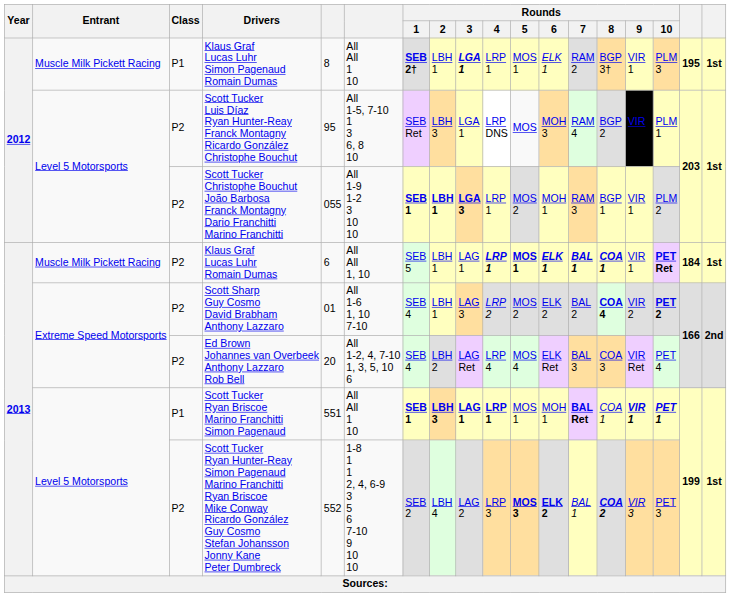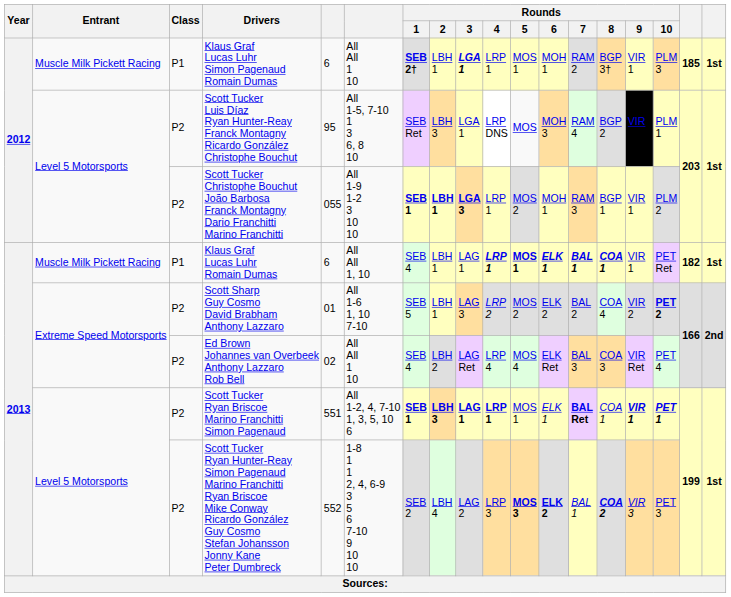 <table class="wikitable">
 <tr>
 <th rowspan="2">Year</th>
 <th rowspan="2">Entrant</th>
 <th rowspan="2">Class</th>
 <th rowspan="2">Drivers</th>
 <th rowspan="2"></th>
 <th rowspan="2"></th>
 <th colspan="10">Rounds</th>
 <th rowspan="2"></th>
 <th rowspan="2"></th>
 </tr>
 <tr>
 <th>1</th>
 <th>2</th>
 <th>3</th>
 <th>4</th>
 <th>5</th>
 <th>6</th>
 <th>7</th>
 <th>8</th>
 <th>9</th>
 <th>10</th>
 </tr>
 <tr>
 <th rowspan="3"><a href='#'>2012</a></th>
 <td> <a href='#'>Muscle Milk Pickett Racing</a></td>
 <td>P1</td>
 <td> <a href='#'>Klaus Graf</a><br> <a href='#'>Lucas Luhr</a><br> <a href='#'>Simon Pagenaud</a><br> <a href='#'>Romain Dumas</a></td>
-<td>8</td>
+<td>6</td>
 <td>All<br>All<br>1<br>10</td>
 <td style="background:#DFDFDF;”"><strong><a href='#'>SEB</a><br>2†</strong></td>
 <td style="background:#FFFFBF;”"><a href='#'>LBH</a><br>1</td>
 <td style="background:#FFFFBF;”"><strong><em><a href='#'>LGA</a><br>1</em></strong></td>
 <td style="background:#FFFFBF;”"><a href='#'>LRP</a><br>1</td>
 <td style="background:#FFFFBF;”"><a href='#'>MOS</a><br>1</td>
-<td style="background:#FFFFBF;”"><em><a href='#'>ELK</a><br>1</em></td>
+<td style="background:#FFFFBF;”"><a href='#'>MOH</a><br>1</td>
 <td style="background:#DFDFDF;”"><a href='#'>RAM</a><br>2</td>
 <td style="background:#FFDF9F;”"><a href='#'>BGP</a><br>3†</td>
 <td style="background:#FFFFBF;”"><a href='#'>VIR</a><br>1</td>
 <td style="background:#FFDF9F;”"><a href='#'>PLM</a><br>3</td>
-<th style="background:#FFFFBF;”">195</th>
+<th style="background:#FFFFBF;”">185</th>
 <th style="background:#FFFFBF;”">1st</th>
 </tr>
 <tr>
 <td rowspan="2"> <a href='#'>Level 5 Motorsports</a></td>
 <td>P2</td>
 <td> <a href='#'>Scott Tucker</a><br> <a href='#'>Luis Díaz</a><br> <a href='#'>Ryan Hunter-Reay</a><br> <a href='#'>Franck Montagny</a><br> <a href='#'>Ricardo González</a><br> <a href='#'>Christophe Bouchut</a></td>
 <td>95</td>
 <td>All<br>1-5, 7-10<br>1<br>3<br>6, 8<br>10</td>
 <td style="background:#EFCFFF;"><a href='#'>SEB</a><br>Ret</td>
 <td style="background:#FFDF9F;”"><a href='#'>LBH</a><br>3</td>
 <td style="background:#FFFFBF;”"><a href='#'>LGA</a><br>1</td>
 <td style="background:#ffffff;”"><a href='#'>LRP</a><br>DNS</td>
 <td><a href='#'>MOS</a><br></td>
 <td style="background:#FFDF9F;”"><a href='#'>MOH</a><br>3</td>
 <td style="background:#DFFFDF;"><a href='#'>RAM</a><br>4</td>
 <td style="background:#DFDFDF;”"><a href='#'>BGP</a><br>2</td>
 <td style="background:#000000;color:white”"><a href='#'>VIR</a><br>DSQ</td>
 <td style="background:#FFFFBF;”"><a href='#'>PLM</a><br>1</td>
 <th rowspan="2" style="background:#FFFFBF;”">203</th>
 <th rowspan="2" style="background:#FFFFBF;”">1st</th>
 </tr>
 <tr>
 <td>P2</td>
 <td> <a href='#'>Scott Tucker</a><br> <a href='#'>Christophe Bouchut</a><br> <a href='#'>João Barbosa</a><br> <a href='#'>Franck Montagny</a><br> <a href='#'>Dario Franchitti</a><br> <a href='#'>Marino Franchitti</a></td>
 <td>055</td>
 <td>All<br>1-9<br>1-2<br>3<br>10<br>10</td>
 <td style="background:#FFFFBF;”"><strong><a href='#'>SEB</a><br>1</strong></td>
 <td style="background:#FFFFBF;”"><strong><a href='#'>LBH</a><br>1</strong></td>
 <td style="background:#FFDF9F;”"><strong><a href='#'>LGA</a><br>3</strong></td>
 <td style="background:#FFFFBF;”"><a href='#'>LRP</a><br>1</td>
 <td style="background:#DFDFDF;”"><a href='#'>MOS</a><br>2</td>
 <td style="background:#FFFFBF;”"><a href='#'>MOH</a><br>1</td>
 <td style="background:#FFDF9F;”"><a href='#'>RAM</a><br>3</td>
 <td style="background:#FFFFBF;”"><a href='#'>BGP</a><br>1</td>
 <td style="background:#FFFFBF;”"><a href='#'>VIR</a><br>1</td>
 <td style="background:#DFDFDF;”"><a href='#'>PLM</a><br>2</td>
 </tr>
 <tr>
 <th rowspan="5"><a href='#'>2013</a></th>
 <td> <a href='#'>Muscle Milk Pickett Racing</a></td>
-<td>P2</td>
+<td>P1</td>
 <td> <a href='#'>Klaus Graf</a><br> <a href='#'>Lucas Luhr</a><br> <a href='#'>Romain Dumas</a></td>
 <td>6</td>
 <td>All<br>All<br>1, 10</td>
-<td style="background:#DFFFDF;"><a href='#'>SEB</a><br>5</td>
+<td style="background:#DFFFDF;"><a href='#'>SEB</a><br>4</td>
 <td style="background:#FFFFBF;”"><a href='#'>LBH</a><br>1</td>
 <td style="background:#FFFFBF;”"><a href='#'>LAG</a><br>1</td>
 <td style="background:#FFFFBF;”"><strong><em><a href='#'>LRP</a><br>1</em></strong></td>
 <td style="background:#FFFFBF;”"><strong><a href='#'>MOS</a><br>1</strong></td>
 <td style="background:#FFFFBF;”"><strong><em><a href='#'>ELK</a><br>1</em></strong></td>
 <td style="background:#FFFFBF;”"><strong><em><a href='#'>BAL</a><br>1</em></strong></td>
 <td style="background:#FFFFBF;”"><strong><em><a href='#'>COA</a><br>1</em></strong></td>
 <td style="background:#FFFFBF;”"><a href='#'>VIR</a><br>1</td>
-<td style="background:#EFCFFF;"><strong><a href='#'>PET</a><br>Ret</strong></td>
-<th style="background:#FFFFBF;”">184</th>
+<td style="background:#EFCFFF;"><a href='#'>PET</a><br>Ret</td>
+<th style="background:#FFFFBF;”">182</th>
 <th style="background:#FFFFBF;”">1st</th>
 </tr>
 <tr>
 <td rowspan="2"> <a href='#'>Extreme Speed Motorsports</a></td>
 <td>P2</td>
 <td> <a href='#'>Scott Sharp</a><br> <a href='#'>Guy Cosmo</a><br> <a href='#'>David Brabham</a><br> <a href='#'>Anthony Lazzaro</a></td>
 <td>01</td>
 <td>All<br>1-6<br>1, 10<br>7-10</td>
-<td style="background:#DFFFDF;"><a href='#'>SEB</a><br>4</td>
+<td style="background:#DFFFDF;"><a href='#'>SEB</a><br>5</td>
 <td style="background:#FFFFBF;”"><a href='#'>LBH</a><br>1</td>
 <td style="background:#FFDF9F;”"><a href='#'>LAG</a><br>3</td>
 <td style="background:#DFDFDF;”"><em><a href='#'>LRP</a><br>2</em></td>
 <td style="background:#DFDFDF;”"><a href='#'>MOS</a><br>2</td>
 <td style="background:#DFDFDF;”"><a href='#'>ELK</a><br>2</td>
 <td style="background:#DFDFDF;”"><a href='#'>BAL</a><br>2</td>
-<td style="background:#DFFFDF;"><strong><a href='#'>COA</a><br>4</strong></td>
+<td style="background:#DFFFDF;"><a href='#'>COA</a><br>4</td>
 <td style="background:#DFDFDF;”"><a href='#'>VIR</a><br>2</td>
 <td style="background:#DFDFDF;”"><strong><a href='#'>PET</a><br>2</strong></td>
 <th rowspan="2" style="background:#DFDFDF;”">166</th>
 <th rowspan="2" style="background:#DFDFDF;”">2nd</th>
 </tr>
 <tr>
 <td>P2</td>
 <td> <a href='#'>Ed Brown</a><br> <a href='#'>Johannes van Overbeek</a><br> <a href='#'>Anthony Lazzaro</a><br> <a href='#'>Rob Bell</a></td>
-<td>20</td>
-<td>All<br>1-2, 4, 7-10<br>1, 3, 5, 10<br>6</td>
+<td>02</td>
+<td>All<br>All<br>1<br>10</td>
 <td style="background:#DFFFDF;"><a href='#'>SEB</a><br>4</td>
 <td style="background:#DFDFDF;”"><a href='#'>LBH</a><br>2</td>
 <td style="background:#EFCFFF;"><a href='#'>LAG</a><br>Ret</td>
 <td style="background:#DFFFDF;"><a href='#'>LRP</a><br>4</td>
 <td style="background:#DFFFDF;"><a href='#'>MOS</a><br>4</td>
 <td style="background:#EFCFFF;"><a href='#'>ELK</a><br>Ret</td>
 <td style="background:#FFDF9F;”"><a href='#'>BAL</a><br>3</td>
 <td style="background:#FFDF9F;”"><a href='#'>COA</a><br>3</td>
 <td style="background:#EFCFFF;"><a href='#'>VIR</a><br>Ret</td>
 <td style="background:#DFFFDF;"><a href='#'>PET</a><br>4</td>
 </tr>
 <tr>
 <td rowspan="2"> <a href='#'>Level 5 Motorsports</a></td>
-<td>P1</td>
+<td>P2</td>
 <td> <a href='#'>Scott Tucker</a><br> <a href='#'>Ryan Briscoe</a><br> <a href='#'>Marino Franchitti</a><br> <a href='#'>Simon Pagenaud</a></td>
 <td>551</td>
-<td>All<br>All<br>1<br>10</td>
+<td>All<br>1-2, 4, 7-10<br>1, 3, 5, 10<br>6</td>
 <td style="background:#FFFFBF;”"><strong><a href='#'>SEB</a><br>1</strong></td>
 <td style="background:#FFDF9F;”"><strong><a href='#'>LBH</a><br>3</strong></td>
 <td style="background:#FFFFBF;”"><strong><a href='#'>LAG</a><br>1</strong></td>
 <td style="background:#FFFFBF;”"><strong><a href='#'>LRP</a><br>1</strong></td>
 <td style="background:#FFFFBF;”"><a href='#'>MOS</a><br>1</td>
-<td style="background:#FFFFBF;”"><a href='#'>MOH</a><br>1</td>
+<td style="background:#FFFFBF;”"><em><a href='#'>ELK</a><br>1</em></td>
 <td style="background:#EFCFFF;"><strong><a href='#'>BAL</a><br>Ret</strong></td>
 <td style="background:#FFFFBF;”"><em><a href='#'>COA</a><br>1</em></td>
 <td style="background:#FFFFBF;”"><strong><em><a href='#'>VIR</a><br>1</em></strong></td>
 <td style="background:#FFFFBF;”"><strong><em><a href='#'>PET</a><br>1</em></strong></td>
 <th rowspan="2" style="background:#FFFFBF;”">199</th>
 <th rowspan="2" style="background:#FFFFBF;”">1st</th>
 </tr>
 <tr>
 <td>P2</td>
 <td> <a href='#'>Scott Tucker</a><br> <a href='#'>Ryan Hunter-Reay</a><br> <a href='#'>Simon Pagenaud</a><br> <a href='#'>Marino Franchitti</a><br> <a href='#'>Ryan Briscoe</a><br> <a href='#'>Mike Conway</a><br> <a href='#'>Ricardo González</a><br> <a href='#'>Guy Cosmo</a><br> <a href='#'>Stefan Johansson</a><br> <a href='#'>Jonny Kane</a><br> <a href='#'>Peter Dumbreck</a></td>
 <td>552</td>
 <td>1-8<br>1<br>1<br>2, 4, 6-9<br>3<br>5<br>6<br>7-10<br>9<br>10<br>10</td>
 <td style="background:#DFDFDF;”"><a href='#'>SEB</a><br>2</td>
 <td style="background:#DFFFDF;"><a href='#'>LBH</a><br>4</td>
 <td style="background:#DFDFDF;”"><a href='#'>LAG</a><br>2</td>
 <td style="background:#FFDF9F;”"><a href='#'>LRP</a><br>3</td>
 <td style="background:#FFDF9F;”"><strong><a href='#'>MOS</a><br>3</strong></td>
 <td style="background:#DFDFDF;”"><strong><a href='#'>ELK</a><br>2</strong></td>
 <td style="background:#FFFFBF;”"><em><a href='#'>BAL</a><br>1</em></td>
 <td style="background:#DFDFDF;”"><strong><em><a href='#'>COA</a><br>2</em></strong></td>
 <td style="background:#FFDF9F;”"><em><a href='#'>VIR</a><br>3</em></td>
 <td style="background:#FFDF9F;”"><a href='#'>PET</a><br>3</td>
 </tr>
 <tr>
 <th colspan="18">Sources:</th>
 </tr>
 </table>
